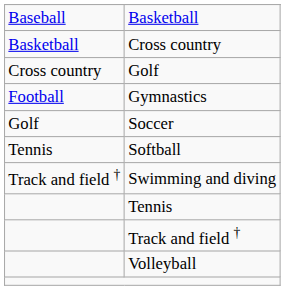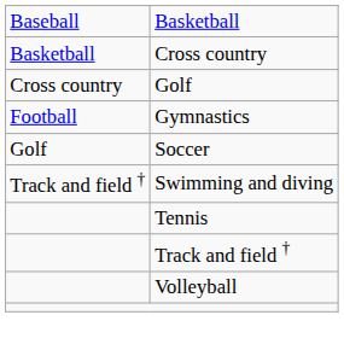 <table class="wikitable" style=" ">
 <tr>
 </tr>
 <tr>
 <td><a href='#'>Baseball</a></td>
 <td><a href='#'>Basketball</a></td>
 </tr>
 <tr>
 <td><a href='#'>Basketball</a></td>
 <td>Cross country</td>
 </tr>
 <tr>
 <td>Cross country</td>
 <td>Golf</td>
 </tr>
 <tr>
 <td><a href='#'>Football</a></td>
 <td>Gymnastics</td>
 </tr>
 <tr>
 <td>Golf</td>
 <td>Soccer</td>
 </tr>
 <tr>
-<td>Tennis</td>
-<td>Softball</td>
-</tr>
-<tr>
 <td>Track and field <sup>†</sup></td>
 <td>Swimming and diving</td>
 </tr>
 <tr>
 <td></td>
 <td>Tennis</td>
 </tr>
 <tr>
 <td></td>
 <td>Track and field <sup>†</sup></td>
 </tr>
 <tr>
 <td></td>
 <td>Volleyball</td>
 </tr>
 <tr>
 <td colspan="2"></td>
 </tr>
 </table>
